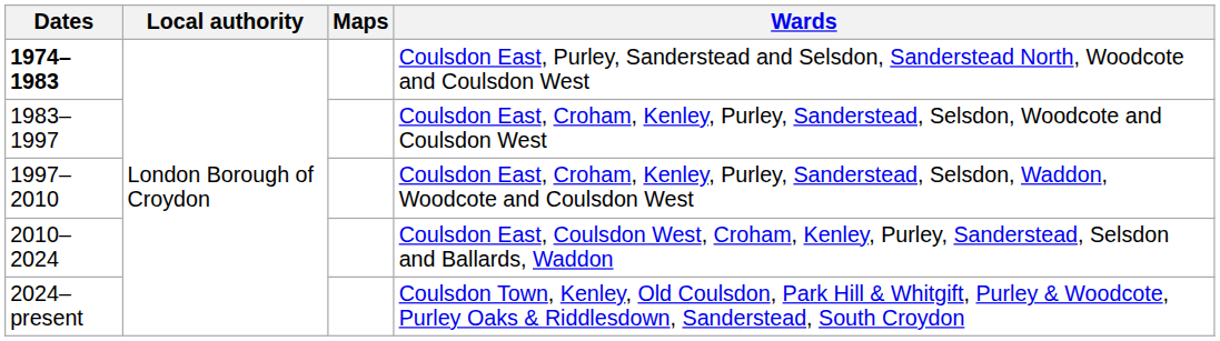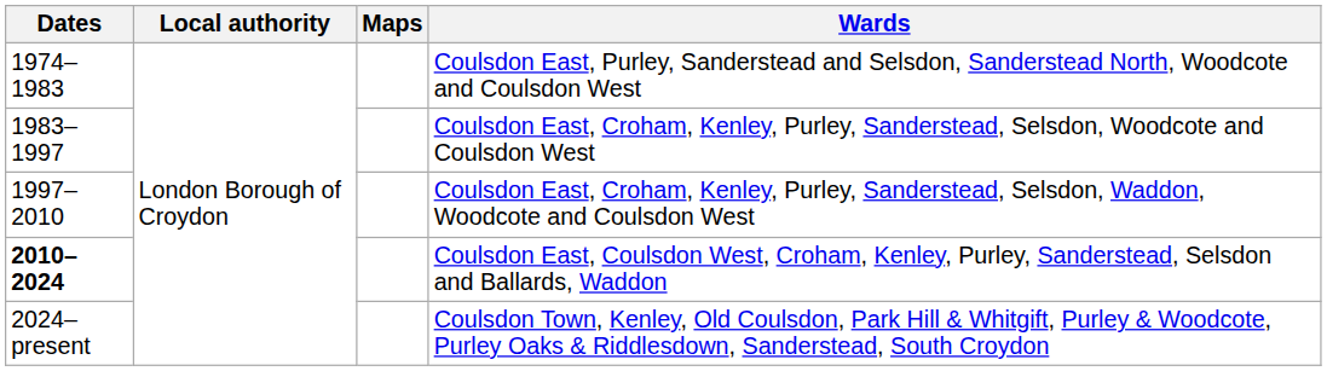 <table class=wikitable style="width:70%; background-color: white">
 <tr>
 <th>Dates</th>
 <th>Local authority</th>
 <th>Maps</th>
 <th><a href='#'>Wards</a></th>
 </tr>
 <tr>
-<td><strong>1974–1983</strong></td>
+<td>1974–1983</td>
 <td rowspan="5">London Borough of Croydon</td>
 <td></td>
 <td><a href='#'>Coulsdon East</a>, Purley, Sanderstead and Selsdon, <a href='#'>Sanderstead North</a>, Woodcote and Coulsdon West</td>
 </tr>
 <tr>
 <td>1983–1997</td>
 <td></td>
 <td><a href='#'>Coulsdon East</a>, <a href='#'>Croham</a>, <a href='#'>Kenley</a>, Purley, <a href='#'>Sanderstead</a>, Selsdon, Woodcote and Coulsdon West</td>
 </tr>
 <tr>
 <td>1997–2010</td>
 <td></td>
 <td><a href='#'>Coulsdon East</a>, <a href='#'>Croham</a>, <a href='#'>Kenley</a>, Purley, <a href='#'>Sanderstead</a>, Selsdon, <a href='#'>Waddon</a>, Woodcote and Coulsdon West</td>
 </tr>
 <tr>
-<td>2010–2024</td>
+<td><strong>2010–2024</strong></td>
 <td></td>
 <td><a href='#'>Coulsdon East</a>, <a href='#'>Coulsdon West</a>, <a href='#'>Croham</a>, <a href='#'>Kenley</a>, Purley, <a href='#'>Sanderstead</a>, Selsdon and Ballards, <a href='#'>Waddon</a></td>
 </tr>
 <tr>
 <td>2024–present</td>
 <td></td>
 <td><a href='#'>Coulsdon Town</a>, <a href='#'>Kenley</a>, <a href='#'>Old Coulsdon</a>, <a href='#'>Park Hill & Whitgift</a>, <a href='#'>Purley & Woodcote</a>, <a href='#'>Purley Oaks & Riddlesdown</a>, <a href='#'>Sanderstead</a>, <a href='#'>South Croydon</a></td>
 </tr>
 </table>
